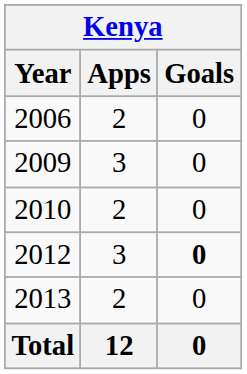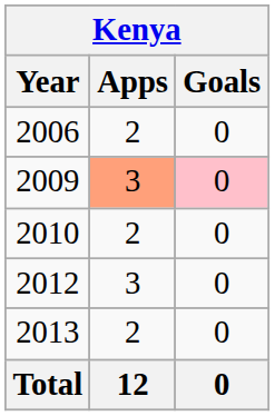 <table class="wikitable" style="text-align:center">
 <tr>
 <th colspan=3><a href='#'>Kenya</a></th>
 </tr>
 <tr>
 <th>Year</th>
 <th>Apps</th>
 <th>Goals</th>
 </tr>
 <tr>
 <td>2006</td>
 <td>2</td>
 <td>0</td>
 </tr>
 <tr>
 <td>2009</td>
-<td>3</td>
-<td>0</td>
+<td style="background: lightsalmon;">3</td>
+<td style="background: pink;">0</td>
 </tr>
 <tr>
 <td>2010</td>
 <td>2</td>
 <td>0</td>
 </tr>
 <tr>
 <td>2012</td>
 <td>3</td>
-<td><strong>0</strong></td>
+<td>0</td>
 </tr>
 <tr>
 <td>2013</td>
 <td>2</td>
 <td>0</td>
 </tr>
 <tr>
 <th>Total</th>
 <th>12</th>
 <th>0</th>
 </tr>
 </table>
